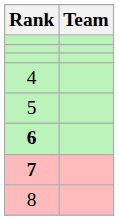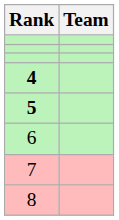 <table class=wikitable style="text-align:center;">
 <tr>
 <th>Rank</th>
 <th>Team</th>
 </tr>
 <tr bgcolor=bbf3bb>
 <td></td>
 <td align=left></td>
 </tr>
 <tr bgcolor=bbf3bb>
 <td></td>
 <td align=left></td>
 </tr>
 <tr bgcolor=bbf3bb>
 <td></td>
 <td align=left></td>
 </tr>
 <tr bgcolor=bbf3bb>
-<td>4</td>
+<td><strong>4</strong></td>
 <td align=left></td>
 </tr>
 <tr bgcolor=bbf3bb>
-<td>5</td>
+<td><strong>5</strong></td>
 <td align=left></td>
 </tr>
 <tr bgcolor=bbf3bb>
-<td><strong>6</strong></td>
+<td>6</td>
 <td align=left></td>
 </tr>
 <tr bgcolor=ffbbbb>
-<td><strong>7</strong></td>
+<td>7</td>
 <td align=left></td>
 </tr>
 <tr bgcolor=ffbbbb>
 <td>8</td>
 <td align=left></td>
 </tr>
 </table>
